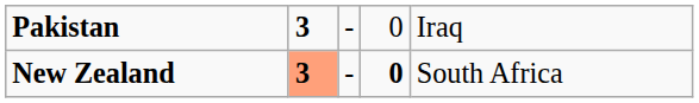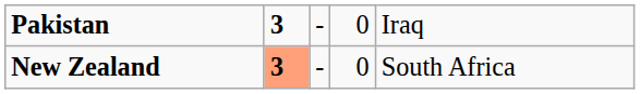 <table class="wikitable">
 <tr>
 <td width=150> <strong>Pakistan</strong></td>
 <td style="width:20px; text-align:left;"><strong>3</strong></td>
 <td>-</td>
 <td style="width:20px; text-align:right;">0</td>
 <td width=150> Iraq</td>
 </tr>
 <tr>
 <td> <strong>New Zealand</strong></td>
 <td style="background: lightsalmon; text-align:left;"><strong>3</strong></td>
 <td>-</td>
-<td style="text-align:right;"><strong>0</strong></td>
+<td style="text-align:right;">0</td>
 <td> South Africa</td>
 </tr>
 </table>
